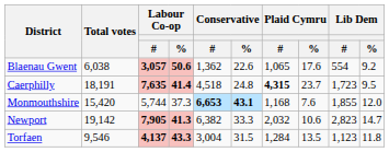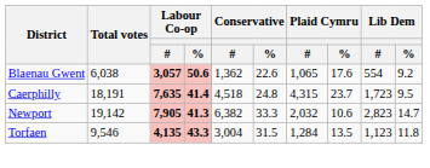 <table class="wikitable sortable">
 <tr>
 <th rowspan=3>District</th>
 <th rowspan=3>Total votes</th>
 <th colspan="2">Labour<br>Co-op</th>
 <th colspan="2">Conservative</th>
 <th colspan="2">Plaid Cymru</th>
 <th colspan="2">Lib Dem</th>
 </tr>
 <tr>
 <th colspan="2" style="background:"></th>
 <th colspan="2" style="background:"></th>
 <th colspan="2" style="background:"></th>
 <th colspan="2" style="background:"></th>
 </tr>
 <tr>
 <th>#</th>
 <th>%</th>
 <th>#</th>
 <th>%</th>
 <th>#</th>
 <th>%</th>
 <th>#</th>
 <th>%</th>
 </tr>
 <tr>
 <td><a href='#'>Blaenau Gwent</a></td>
 <td>6,038</td>
 <td style="background:#F8C1BE;"><strong>3,057</strong></td>
 <td style="background:#F8C1BE;"><strong>50.6</strong></td>
 <td>1,362</td>
 <td>22.6</td>
 <td>1,065</td>
 <td>17.6</td>
 <td>554</td>
 <td>9.2</td>
 </tr>
 <tr>
 <td><a href='#'>Caerphilly</a></td>
 <td>18,191</td>
 <td style="background:#F8C1BE;"><strong>7,635</strong></td>
 <td style="background:#F8C1BE;"><strong>41.4</strong></td>
 <td>4,518</td>
 <td>24.8</td>
-<td><strong>4,315</strong></td>
+<td>4,315</td>
 <td>23.7</td>
 <td>1,723</td>
 <td>9.5</td>
-</tr>
-<tr>
-<td><a href='#'>Monmouthshire</a></td>
-<td>15,420</td>
-<td>5,744</td>
-<td>37.3</td>
-<td style="background:#B9E4FF;"><strong>6,653</strong></td>
-<td style="background:#B9E4FF;"><strong>43.1</strong></td>
-<td>1,168</td>
-<td>7.6</td>
-<td>1,855</td>
-<td>12.0</td>
 </tr>
 <tr>
 <td><a href='#'>Newport</a></td>
 <td>19,142</td>
 <td style="background:#F8C1BE;"><strong>7,905</strong></td>
 <td style="background:#F8C1BE;"><strong>41.3</strong></td>
 <td>6,382</td>
 <td>33.3</td>
 <td>2,032</td>
 <td>10.6</td>
 <td>2,823</td>
 <td>14.7</td>
 </tr>
 <tr>
 <td><a href='#'>Torfaen</a></td>
 <td>9,546</td>
-<td style="background:#F8C1BE;"><strong>4,137</strong></td>
+<td style="background:#F8C1BE;"><strong>4,135</strong></td>
 <td style="background:#F8C1BE;"><strong>43.3</strong></td>
 <td>3,004</td>
 <td>31.5</td>
 <td>1,284</td>
 <td>13.5</td>
 <td>1,123</td>
 <td>11.8</td>
 </tr>
 </table>
